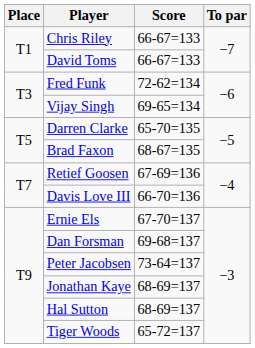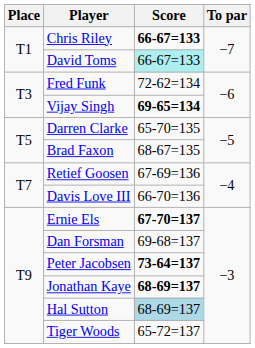 <table class="wikitable">
 <tr>
 <th>Place</th>
 <th>Player</th>
 <th>Score</th>
 <th>To par</th>
 </tr>
 <tr>
 <td rowspan="2" align=center>T1</td>
 <td> <a href='#'>Chris Riley</a></td>
-<td align=center>66-67=133</td>
+<td align=center><strong>66-67=133</strong></td>
 <td rowspan="2" align=center>−7</td>
 </tr>
 <tr>
 <td> <a href='#'>David Toms</a></td>
-<td align=center>66-67=133</td>
+<td align=center style="background: paleturquoise;">66-67=133</td>
 </tr>
 <tr>
 <td rowspan="2" align=center>T3</td>
 <td> <a href='#'>Fred Funk</a></td>
 <td align=center>72-62=134</td>
 <td rowspan="2" align=center>−6</td>
 </tr>
 <tr>
 <td> <a href='#'>Vijay Singh</a></td>
-<td align=center>69-65=134</td>
+<td align=center><strong>69-65=134</strong></td>
 </tr>
 <tr>
 <td rowspan="2" align=center>T5</td>
 <td> <a href='#'>Darren Clarke</a></td>
 <td align=center>65-70=135</td>
 <td rowspan="2" align=center>−5</td>
 </tr>
 <tr>
 <td> <a href='#'>Brad Faxon</a></td>
 <td align=center>68-67=135</td>
 </tr>
 <tr>
 <td rowspan="2" align=center>T7</td>
 <td> <a href='#'>Retief Goosen</a></td>
 <td align=center>67-69=136</td>
 <td rowspan="2" align=center>−4</td>
 </tr>
 <tr>
 <td> <a href='#'>Davis Love III</a></td>
 <td align=center>66-70=136</td>
 </tr>
 <tr>
 <td rowspan="6" align=center>T9</td>
 <td> <a href='#'>Ernie Els</a></td>
-<td align=center>67-70=137</td>
+<td align=center><strong>67-70=137</strong></td>
 <td rowspan="6" align=center>−3</td>
 </tr>
 <tr>
 <td> <a href='#'>Dan Forsman</a></td>
 <td align=center>69-68=137</td>
 </tr>
 <tr>
 <td> <a href='#'>Peter Jacobsen</a></td>
-<td align=center>73-64=137</td>
+<td align=center><strong>73-64=137</strong></td>
 </tr>
 <tr>
 <td> <a href='#'>Jonathan Kaye</a></td>
-<td align=center>68-69=137</td>
+<td align=center><strong>68-69=137</strong></td>
 </tr>
 <tr>
 <td> <a href='#'>Hal Sutton</a></td>
-<td align=center>68-69=137</td>
+<td align=center style="background: lightblue;">68-69=137</td>
 </tr>
 <tr>
 <td> <a href='#'>Tiger Woods</a></td>
 <td align=center>65-72=137</td>
 </tr>
 </table>
